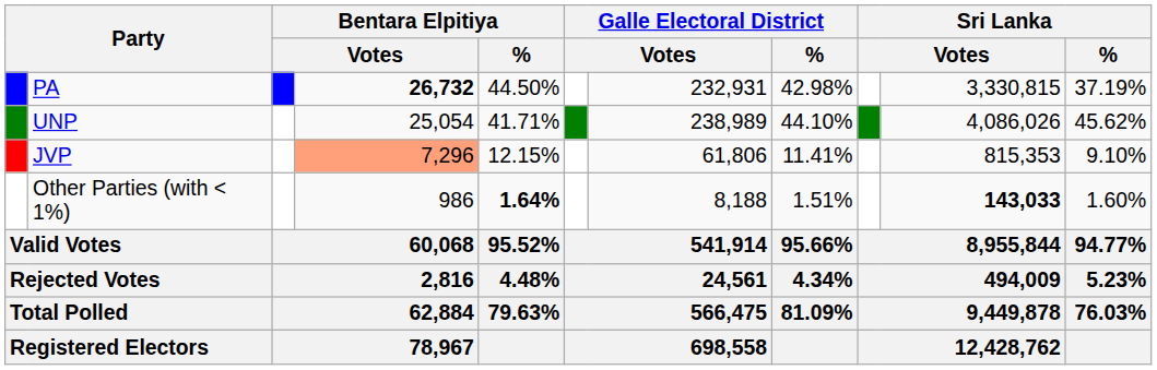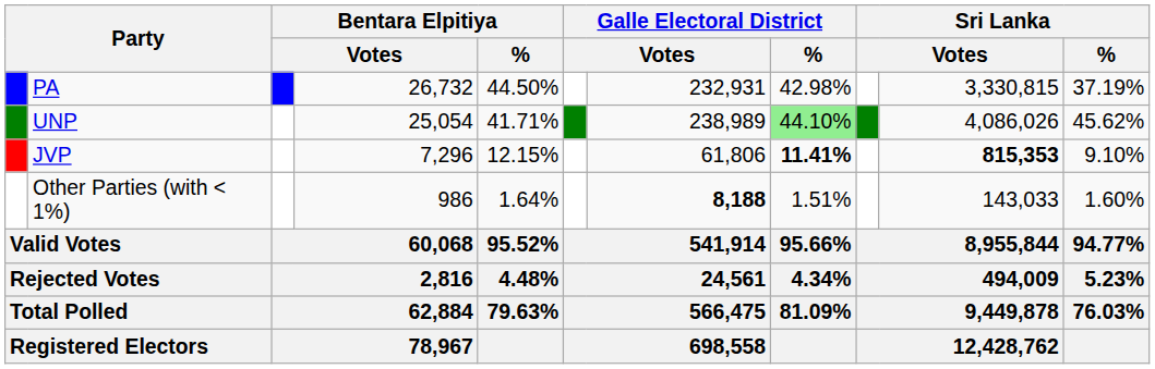 <table class="wikitable">
 <tr>
 <th colspan="2" width="144px"rowspan="2">Party</th>
 <th colspan="3" width="216px">Bentara Elpitiya</th>
 <th colspan="3" width="216px"><a href='#'>Galle Electoral District</a></th>
 <th colspan="3" width="216px">Sri Lanka</th>
 </tr>
 <tr>
 <th colspan="2" width="144px">Votes</th>
 <th>%</th>
 <th colspan="2" width="144px">Votes</th>
 <th>%</th>
 <th colspan="2" width="144px">Votes</th>
 <th>%</th>
 </tr>
 <tr>
 <td style="background-color:blue;" width="10px"></td>
 <td style="text-align:left;"><a href='#'>PA</a></td>
 <td style="background-color:blue;" width="10px"></td>
-<td style="text-align:right;"><strong>26,732</strong></td>
+<td style="text-align:right;">26,732</td>
 <td style="text-align:right;">44.50%</td>
 <td style="background-color:white;" width="10px"></td>
 <td style="text-align:right;">232,931</td>
 <td style="text-align:right;">42.98%</td>
 <td style="background-color:white;" width="10px"></td>
 <td style="text-align:right;">3,330,815</td>
 <td style="text-align:right;">37.19%</td>
 </tr>
 <tr>
 <td style="background-color:green;" width="10px"></td>
 <td style="text-align:left;"><a href='#'>UNP</a></td>
 <td style="background-color:white;" width="10px"></td>
 <td style="text-align:right;">25,054</td>
 <td style="text-align:right;">41.71%</td>
 <td style="background-color:green;" width="10px"></td>
 <td style="text-align:right;">238,989</td>
-<td style="text-align:right;">44.10%</td>
+<td style="background: lightgreen; text-align:right;">44.10%</td>
 <td style="background-color:green;" width="10px"></td>
 <td style="text-align:right;">4,086,026</td>
 <td style="text-align:right;">45.62%</td>
 </tr>
 <tr>
 <td style="background-color:red;" width="10px"></td>
 <td style="text-align:left;"><a href='#'>JVP</a></td>
 <td style="background-color:white;" width="10px"></td>
-<td style="background: lightsalmon; text-align:right;">7,296</td>
+<td style="text-align:right;">7,296</td>
 <td style="text-align:right;">12.15%</td>
 <td style="background-color:white;" width="10px"></td>
 <td style="text-align:right;">61,806</td>
-<td style="text-align:right;">11.41%</td>
+<td style="text-align:right;"><strong>11.41%</strong></td>
 <td style="background-color:white;" width="10px"></td>
-<td style="text-align:right;">815,353</td>
+<td style="text-align:right;"><strong>815,353</strong></td>
 <td style="text-align:right;">9.10%</td>
 </tr>
 <tr>
 <td style="background-color:white;" width="10px"></td>
 <td style="text-align:left;">Other Parties (with < 1%)</td>
 <td style="background-color:white;" width="10px"></td>
 <td style="text-align:right;">986</td>
-<td style="text-align:right;"><strong>1.64%</strong></td>
+<td style="text-align:right;">1.64%</td>
 <td style="background-color:white;" width="10px"></td>
-<td style="text-align:right;">8,188</td>
+<td style="text-align:right;"><strong>8,188</strong></td>
 <td style="text-align:right;">1.51%</td>
 <td style="background-color:white;" width="10px"></td>
-<td style="text-align:right;"><strong>143,033</strong></td>
+<td style="text-align:right;">143,033</td>
 <td style="text-align:right;">1.60%</td>
 </tr>
 <tr>
 <th colspan="2" width="144px"style="text-align:left;">Valid Votes</th>
 <th style="text-align:right;"colspan="2" width="144px">60,068</th>
 <th style="text-align:right;">95.52%</th>
 <th style="text-align:right;"colspan="2" width="144px">541,914</th>
 <th style="text-align:right;">95.66%</th>
 <th style="text-align:right;"colspan="2" width="144px">8,955,844</th>
 <th style="text-align:right;">94.77%</th>
 </tr>
 <tr>
 <th colspan="2" width="144px"style="text-align:left;">Rejected Votes</th>
 <th style="text-align:right;"colspan="2" width="144px">2,816</th>
 <th style="text-align:right;">4.48%</th>
 <th style="text-align:right;"colspan="2" width="144px">24,561</th>
 <th style="text-align:right;">4.34%</th>
 <th style="text-align:right;"colspan="2" width="144px">494,009</th>
 <th style="text-align:right;">5.23%</th>
 </tr>
 <tr>
 <th colspan="2" width="144px"style="text-align:left;">Total Polled</th>
 <th style="text-align:right;"colspan="2" width="144px">62,884</th>
 <th style="text-align:right;">79.63%</th>
 <th style="text-align:right;"colspan="2" width="144px">566,475</th>
 <th style="text-align:right;">81.09%</th>
 <th style="text-align:right;"colspan="2" width="144px">9,449,878</th>
 <th style="text-align:right;">76.03%</th>
 </tr>
 <tr>
 <th colspan="2" width="144px"style="text-align:left;">Registered Electors</th>
 <th style="text-align:right;"colspan="2" width="144px">78,967</th>
 <th></th>
 <th style="text-align:right;"colspan="2" width="144px">698,558</th>
 <th></th>
 <th style="text-align:right;"colspan="2" width="144px">12,428,762</th>
 <th></th>
 </tr>
 </table>
